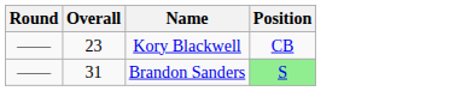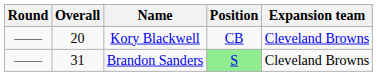 <table class="wikitable" style="text-align:center">
 <tr>
 <th>Round</th>
 <th>Overall</th>
 <th>Name</th>
 <th>Position</th>
+<th>Expansion team</th>
 </tr>
 <tr>
 <td>——</td>
-<td>23</td>
+<td>20</td>
 <td><a href='#'>Kory Blackwell</a></td>
 <td><a href='#'>CB</a></td>
+<td><a href='#'>Cleveland Browns</a></td>
 </tr>
 <tr>
 <td>——</td>
 <td>31</td>
 <td><a href='#'>Brandon Sanders</a></td>
 <td style="background: lightgreen;"><a href='#'>S</a></td>
+<td>Cleveland Browns</td>
 </tr>
 </table>
